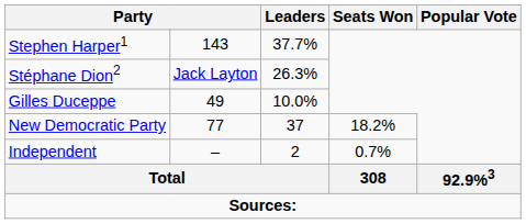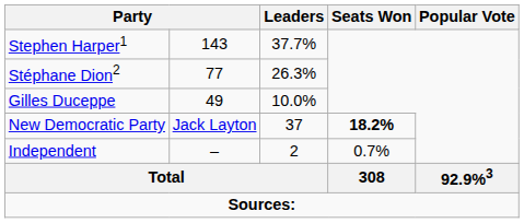 <table class="wikitable">
 <tr>
 <th colspan="2">Party</th>
 <th>Leaders</th>
 <th>Seats Won</th>
 <th>Popular Vote</th>
 </tr>
 <tr>
 <td><a href='#'>Stephen Harper</a><sup>1</sup></td>
 <td align=center>143</td>
 <td align=center>37.7%</td>
 </tr>
 <tr>
 <td><a href='#'>Stéphane Dion</a><sup>2</sup></td>
-<td><a href='#'>Jack Layton</a></td>
+<td align=center>77</td>
 <td align=center>26.3%</td>
 </tr>
 <tr>
 <td><a href='#'>Gilles Duceppe</a></td>
 <td align=center>49</td>
 <td align=center>10.0%</td>
 </tr>
 <tr>
 <td><a href='#'>New Democratic Party</a></td>
-<td align=center>77</td>
+<td><a href='#'>Jack Layton</a></td>
 <td align=center>37</td>
-<td align=center>18.2%</td>
+<td align=center><strong>18.2%</strong></td>
 </tr>
 <tr>
 <td><a href='#'>Independent</a></td>
 <td align=center>–</td>
 <td align=center>2</td>
 <td align=center>0.7%</td>
 </tr>
 <tr>
 <th colspan=3>Total</th>
 <th>308</th>
 <th>92.9%<sup>3</sup></th>
 </tr>
 <tr>
 <td align="center" colspan=5><strong>Sources:</strong> </td>
 </tr>
 </table>
